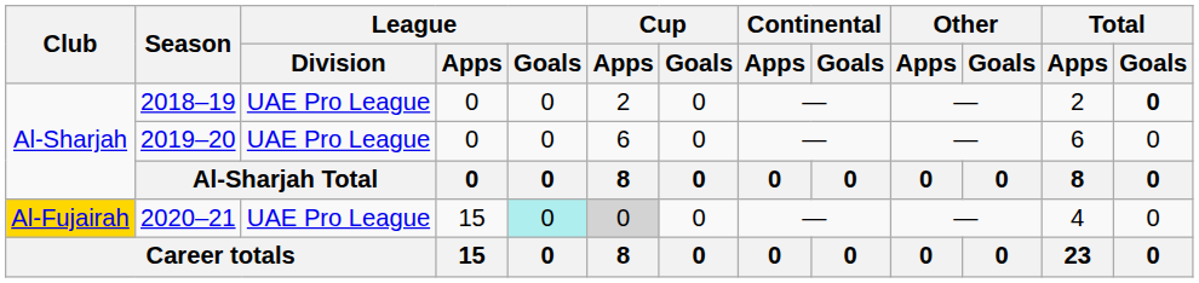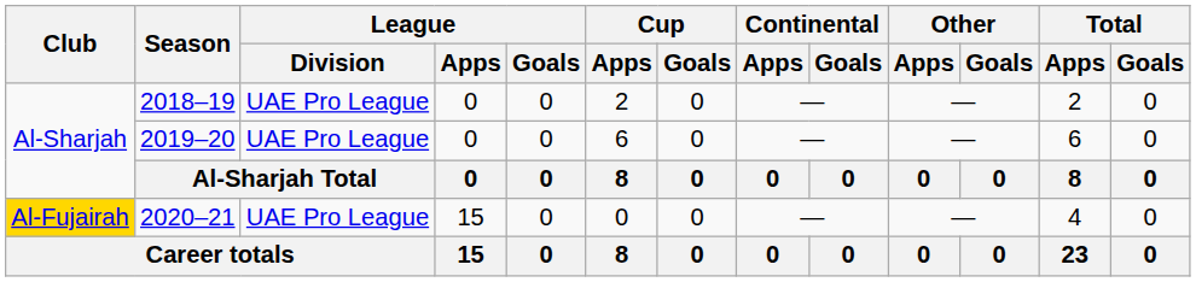 <table class="wikitable" style="text-align: center">
 <tr>
 <th rowspan="2">Club</th>
 <th rowspan="2">Season</th>
 <th colspan="3">League</th>
 <th colspan="2">Cup</th>
 <th colspan="2">Continental</th>
 <th colspan="2">Other</th>
 <th colspan="2">Total</th>
 </tr>
 <tr>
 <th>Division</th>
 <th>Apps</th>
 <th>Goals</th>
 <th>Apps</th>
 <th>Goals</th>
 <th>Apps</th>
 <th>Goals</th>
 <th>Apps</th>
 <th>Goals</th>
 <th>Apps</th>
 <th>Goals</th>
 </tr>
 <tr>
 <td rowspan=3><a href='#'>Al-Sharjah</a></td>
 <td><a href='#'>2018–19</a></td>
 <td><a href='#'>UAE Pro League</a></td>
 <td>0</td>
 <td>0</td>
 <td>2</td>
 <td>0</td>
 <td colspan="2">—</td>
 <td colspan="2">—</td>
 <td>2</td>
-<td><strong>0</strong></td>
+<td>0</td>
 </tr>
 <tr>
 <td><a href='#'>2019–20</a></td>
 <td><a href='#'>UAE Pro League</a></td>
 <td>0</td>
 <td>0</td>
 <td>6</td>
 <td>0</td>
 <td colspan="2">—</td>
 <td colspan="2">—</td>
 <td>6</td>
 <td>0</td>
 </tr>
 <tr>
 <th colspan="2">Al-Sharjah Total</th>
 <th>0</th>
 <th>0</th>
 <th>8</th>
 <th>0</th>
 <th>0</th>
 <th>0</th>
 <th>0</th>
 <th>0</th>
 <th>8</th>
 <th>0</th>
 </tr>
 <tr>
 <td rowspan=1 style="background: gold;"><a href='#'>Al-Fujairah</a></td>
 <td><a href='#'>2020–21</a></td>
 <td><a href='#'>UAE Pro League</a></td>
 <td>15</td>
-<td style="background: paleturquoise;">0</td>
-<td style="background: lightgrey;">0</td>
+<td>0</td>
+<td>0</td>
 <td>0</td>
 <td colspan=2>—</td>
 <td colspan=2>—</td>
 <td>4</td>
 <td>0</td>
 </tr>
 <tr>
 <th colspan=3>Career totals</th>
 <th>15</th>
 <th>0</th>
 <th>8</th>
 <th>0</th>
 <th>0</th>
 <th>0</th>
 <th>0</th>
 <th>0</th>
 <th>23</th>
 <th>0</th>
 </tr>
 </table>
